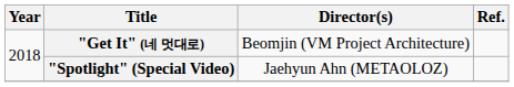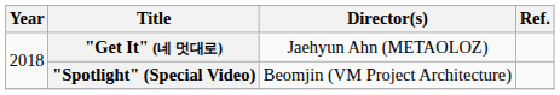 <table class="wikitable plainrowheaders" style="text-align:center; table-layout:fixed; margin-right:0">
 <tr>
 <th>Year</th>
 <th>Title</th>
 <th>Director(s)</th>
 <th>Ref.</th>
 </tr>
 <tr>
 <td rowspan="2">2018</td>
 <th scope="row">"Get It" <small>(네 멋대로)</small></th>
-<td>Beomjin (VM Project Architecture)</td>
+<td>Jaehyun Ahn (METAOLOZ)</td>
 <td></td>
 </tr>
 <tr>
 <th scope="row">"Spotlight" (Special Video)</th>
-<td>Jaehyun Ahn (METAOLOZ)</td>
+<td>Beomjin (VM Project Architecture)</td>
 <td></td>
 </tr>
 <tr>
 </tr>
 </table>
